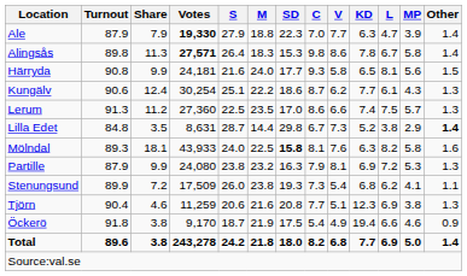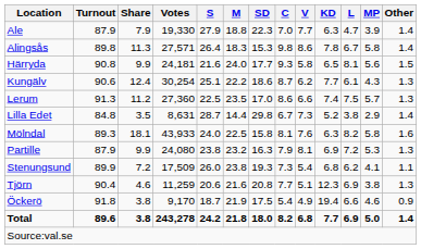 <table class="wikitable sortable" style=text-align:right>
 <tr>
 <th>Location</th>
 <th>Turnout</th>
 <th>Share</th>
 <th>Votes</th>
 <th><a href='#'>S</a></th>
 <th><a href='#'>M</a></th>
 <th><a href='#'>SD</a></th>
 <th><a href='#'>C</a></th>
 <th><a href='#'>V</a></th>
 <th><a href='#'>KD</a></th>
 <th><a href='#'>L</a></th>
 <th><a href='#'>MP</a></th>
 <th>Other</th>
 </tr>
 <tr>
 <td align=left><a href='#'>Ale</a></td>
 <td>87.9</td>
 <td>7.9</td>
-<td><strong>19,330</strong></td>
+<td>19,330</td>
 <td>27.9</td>
 <td>18.8</td>
 <td>22.3</td>
 <td>7.0</td>
 <td>7.7</td>
 <td>6.3</td>
 <td>4.7</td>
 <td>3.9</td>
 <td>1.4</td>
 </tr>
 <tr>
 <td align=left><a href='#'>Alingsås</a></td>
 <td>89.8</td>
 <td>11.3</td>
-<td><strong>27,571</strong></td>
+<td>27,571</td>
 <td>26.4</td>
 <td>18.3</td>
 <td>15.3</td>
 <td>9.8</td>
 <td>8.6</td>
 <td>7.8</td>
 <td>6.7</td>
 <td>5.8</td>
 <td>1.4</td>
 </tr>
 <tr>
 <td align=left><a href='#'>Härryda</a></td>
 <td>90.8</td>
 <td>9.9</td>
 <td>24,181</td>
 <td>21.6</td>
 <td>24.0</td>
 <td>17.7</td>
 <td>9.3</td>
 <td>5.8</td>
 <td>6.5</td>
 <td>8.1</td>
 <td>5.6</td>
 <td>1.5</td>
 </tr>
 <tr>
 <td align=left><a href='#'>Kungälv</a></td>
 <td>90.6</td>
 <td>12.4</td>
 <td>30,254</td>
 <td>25.1</td>
 <td>22.2</td>
 <td>18.6</td>
 <td>8.7</td>
 <td>6.2</td>
 <td>7.7</td>
 <td>6.1</td>
 <td>4.3</td>
 <td>1.3</td>
 </tr>
 <tr>
 <td align=left><a href='#'>Lerum</a></td>
 <td>91.3</td>
 <td>11.2</td>
 <td>27,360</td>
 <td>22.5</td>
 <td>23.5</td>
 <td>17.0</td>
 <td>8.6</td>
 <td>6.6</td>
 <td>7.4</td>
 <td>7.5</td>
 <td>5.7</td>
 <td>1.3</td>
 </tr>
 <tr>
 <td align=left><a href='#'>Lilla Edet</a></td>
 <td>84.8</td>
 <td>3.5</td>
 <td>8,631</td>
 <td>28.7</td>
 <td>14.4</td>
 <td>29.8</td>
 <td>6.7</td>
 <td>7.3</td>
 <td>5.2</td>
 <td>3.8</td>
 <td>2.9</td>
-<td><strong>1.4</strong></td>
+<td>1.4</td>
 </tr>
 <tr>
 <td align=left><a href='#'>Mölndal</a></td>
 <td>89.3</td>
 <td>18.1</td>
 <td>43,933</td>
 <td>24.0</td>
 <td>22.5</td>
-<td><strong>15.8</strong></td>
+<td>15.8</td>
 <td>8.1</td>
 <td>7.6</td>
 <td>6.3</td>
 <td>8.2</td>
 <td>5.8</td>
 <td>1.6</td>
 </tr>
 <tr>
 <td align=left><a href='#'>Partille</a></td>
 <td>87.9</td>
 <td>9.9</td>
 <td>24,080</td>
 <td>23.8</td>
 <td>23.2</td>
 <td>16.3</td>
 <td>7.9</td>
 <td>8.1</td>
 <td>6.9</td>
 <td>7.2</td>
 <td>5.3</td>
 <td>1.3</td>
 </tr>
 <tr>
 <td align=left><a href='#'>Stenungsund</a></td>
 <td>89.9</td>
 <td>7.2</td>
 <td>17,509</td>
 <td>26.0</td>
 <td>23.8</td>
 <td>19.3</td>
 <td>7.3</td>
 <td>5.4</td>
 <td>6.8</td>
 <td>6.2</td>
 <td>4.1</td>
 <td>1.1</td>
 </tr>
 <tr>
 <td align=left><a href='#'>Tjörn</a></td>
 <td>90.4</td>
 <td>4.6</td>
 <td>11,259</td>
 <td>20.6</td>
 <td>21.6</td>
 <td>20.8</td>
 <td>7.7</td>
 <td>5.1</td>
 <td>12.3</td>
 <td>6.9</td>
 <td>3.8</td>
 <td>1.3</td>
 </tr>
 <tr>
 <td align=left><a href='#'>Öckerö</a></td>
 <td>91.8</td>
 <td>3.8</td>
 <td>9,170</td>
 <td>18.7</td>
 <td>21.9</td>
 <td>17.5</td>
 <td>5.4</td>
 <td>4.9</td>
 <td>19.4</td>
 <td>6.6</td>
 <td>4.6</td>
 <td>0.9</td>
 </tr>
 <tr>
 <td align=left><strong>Total</strong></td>
 <td><strong>89.6</strong></td>
 <td><strong>3.8</strong></td>
 <td><strong>243,278</strong></td>
 <td><strong>24.2</strong></td>
 <td><strong>21.8</strong></td>
 <td><strong>18.0</strong></td>
 <td><strong>8.2</strong></td>
 <td><strong>6.8</strong></td>
 <td><strong>7.7</strong></td>
 <td><strong>6.9</strong></td>
 <td><strong>5.0</strong></td>
 <td><strong>1.4</strong></td>
 </tr>
 <tr>
 <td align=left colspan=13>Source:val.se</td>
 </tr>
 </table>
